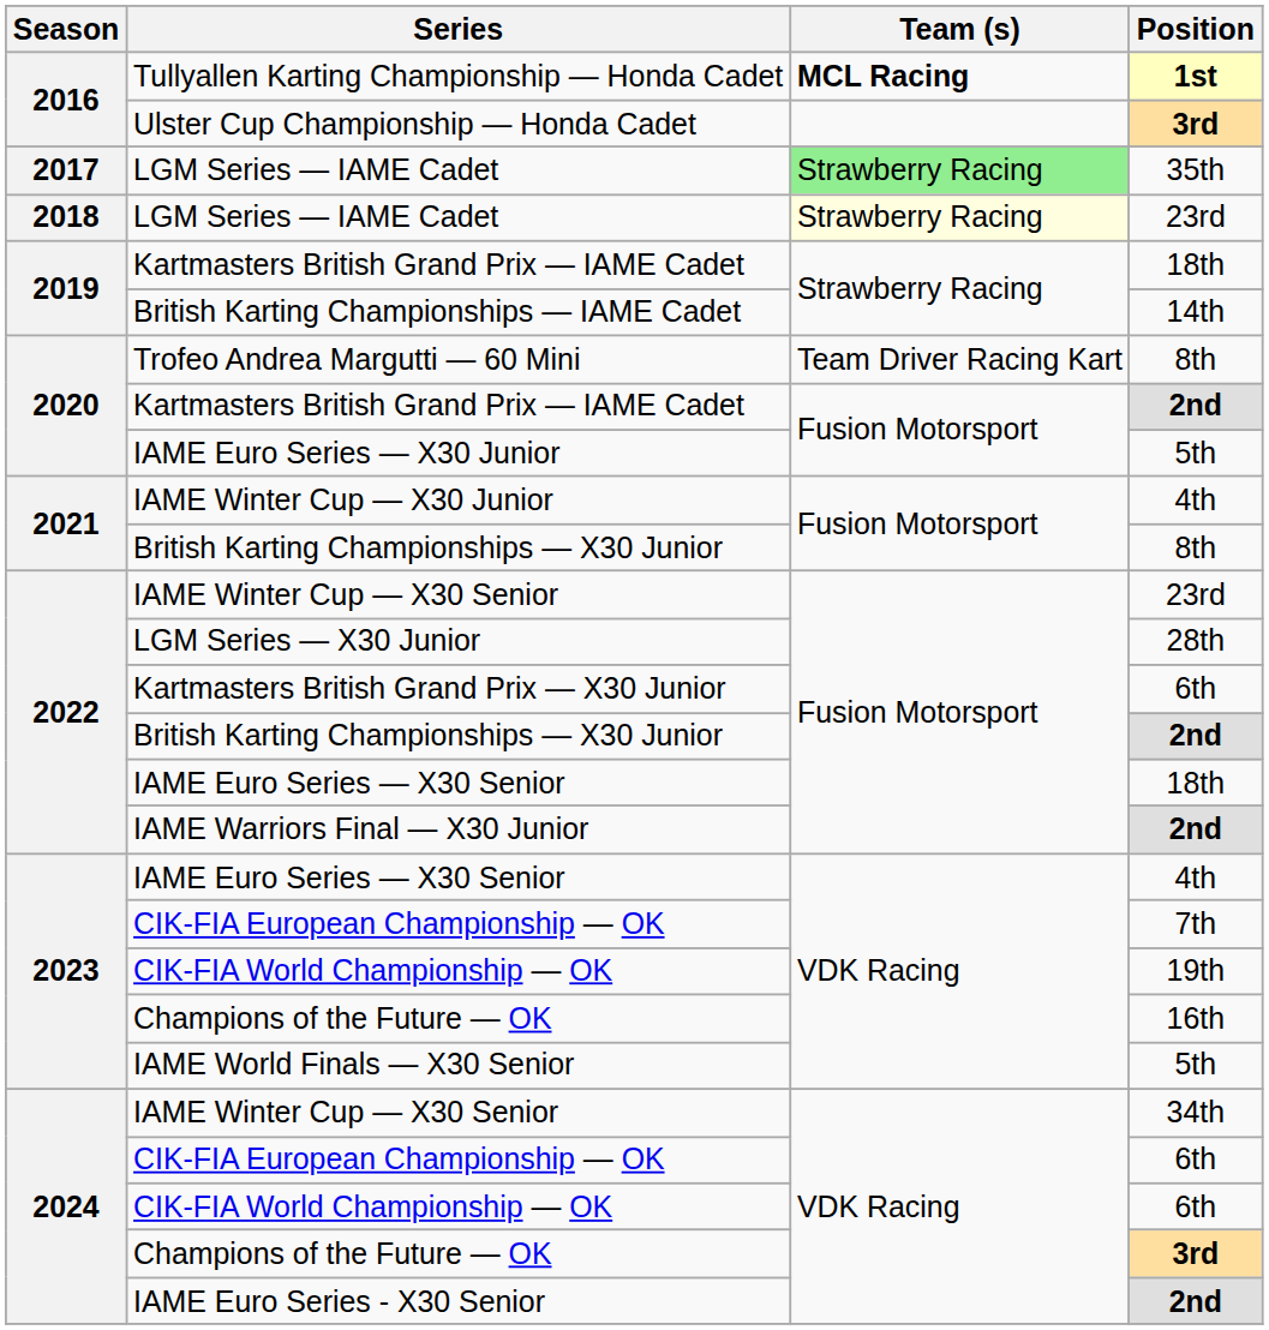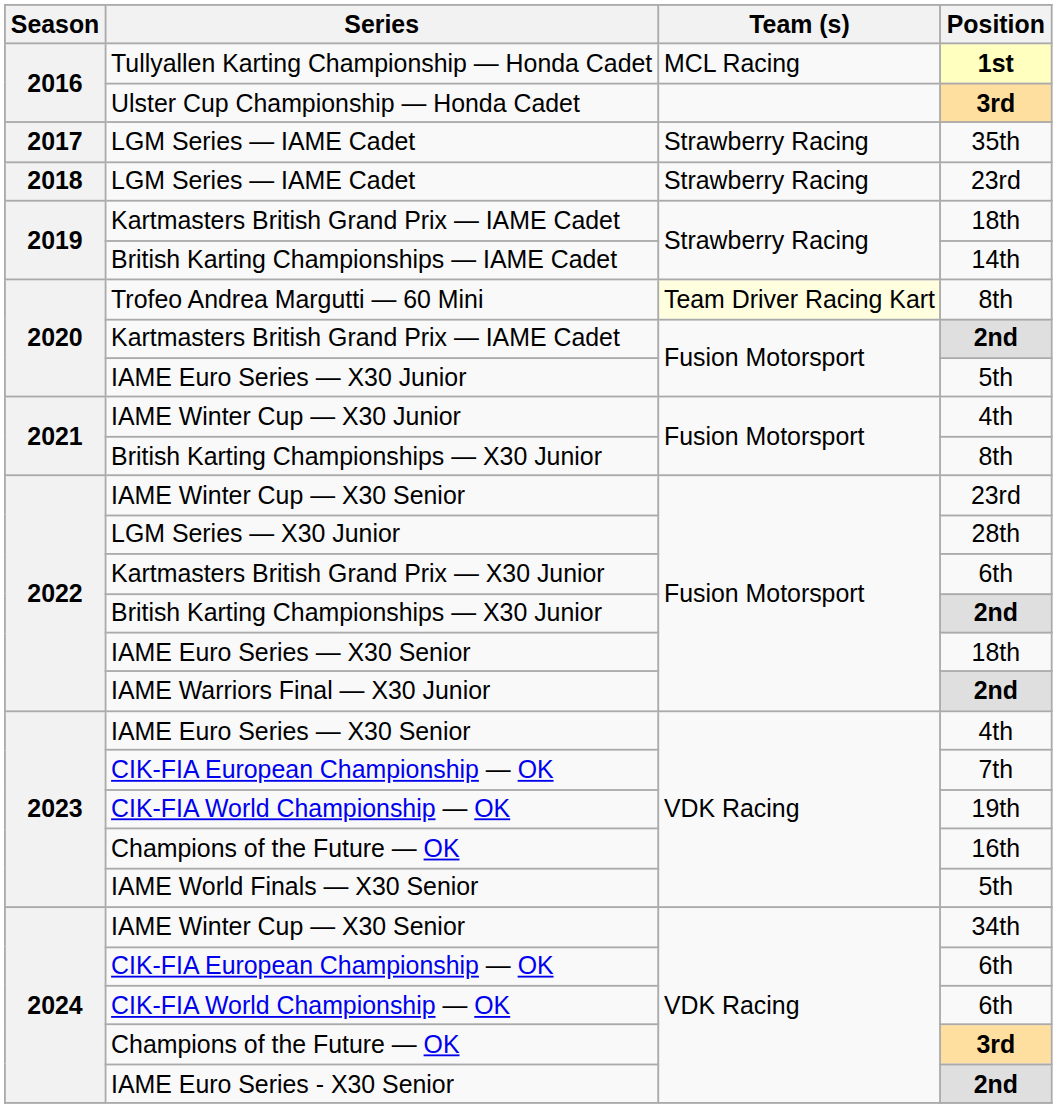 <table class="wikitable" style="font-size: 85%; text-align:center">
 <tr>
 <th>Season</th>
 <th>Series</th>
 <th>Team (s)</th>
 <th>Position</th>
 </tr>
 <tr>
 <th rowspan="2">2016</th>
 <td align="left">Tullyallen Karting Championship — Honda Cadet</td>
-<td align="left"><strong>MCL Racing</strong></td>
+<td align="left">MCL Racing</td>
 <td style="background:#FFFFBF;"><strong>1st</strong></td>
 </tr>
 <tr>
 <td align="left">Ulster Cup Championship — Honda Cadet</td>
 <td></td>
 <td style="background:#FFDF9F;"><strong>3rd</strong></td>
 </tr>
 <tr>
 <th>2017</th>
 <td align="left">LGM Series — IAME Cadet</td>
-<td align="left" style="background: lightgreen;">Strawberry Racing</td>
+<td align="left">Strawberry Racing</td>
 <td>35th</td>
 </tr>
 <tr>
 <th>2018</th>
 <td align="left">LGM Series — IAME Cadet</td>
-<td align="left" style="background: lightyellow;">Strawberry Racing</td>
+<td align="left">Strawberry Racing</td>
 <td>23rd</td>
 </tr>
 <tr>
 <th rowspan="2">2019</th>
 <td align="left">Kartmasters British Grand Prix — IAME Cadet</td>
 <td align="left" rowspan="2">Strawberry Racing</td>
 <td>18th</td>
 </tr>
 <tr>
 <td align="left">British Karting Championships — IAME Cadet</td>
 <td>14th</td>
 </tr>
 <tr>
 <th rowspan="3">2020</th>
 <td align="left">Trofeo Andrea Margutti — 60 Mini</td>
-<td align="left">Team Driver Racing Kart</td>
+<td align="left" style="background: lightyellow;">Team Driver Racing Kart</td>
 <td>8th</td>
 </tr>
 <tr>
 <td align="left">Kartmasters British Grand Prix — IAME Cadet</td>
 <td align="left" rowspan="2">Fusion Motorsport</td>
 <td style="background:#DFDFDF;"><strong>2nd</strong></td>
 </tr>
 <tr>
 <td align="left">IAME Euro Series — X30 Junior</td>
 <td>5th</td>
 </tr>
 <tr>
 <th rowspan="2">2021</th>
 <td align="left">IAME Winter Cup — X30 Junior</td>
 <td align="left" rowspan="2">Fusion Motorsport</td>
 <td>4th</td>
 </tr>
 <tr>
 <td align="left">British Karting Championships — X30 Junior</td>
 <td>8th</td>
 </tr>
 <tr>
 <th rowspan="6">2022</th>
 <td align="left">IAME Winter Cup — X30 Senior</td>
 <td align="left" rowspan="6">Fusion Motorsport</td>
 <td>23rd</td>
 </tr>
 <tr>
 <td align="left">LGM Series — X30 Junior</td>
 <td>28th</td>
 </tr>
 <tr>
 <td align="left">Kartmasters British Grand Prix — X30 Junior</td>
 <td>6th</td>
 </tr>
 <tr>
 <td align="left">British Karting Championships — X30 Junior</td>
 <td style="background:#DFDFDF;"><strong>2nd</strong></td>
 </tr>
 <tr>
 <td align="left">IAME Euro Series — X30 Senior</td>
 <td>18th</td>
 </tr>
 <tr>
 <td align="left">IAME Warriors Final — X30 Junior</td>
 <td style="background:#DFDFDF;"><strong>2nd</strong></td>
 </tr>
 <tr>
 <th rowspan="5">2023</th>
 <td align="left">IAME Euro Series — X30 Senior</td>
 <td align="left" rowspan="5">VDK Racing</td>
 <td>4th</td>
 </tr>
 <tr>
 <td align="left"><a href='#'>CIK-FIA European Championship</a> — <a href='#'>OK</a></td>
 <td>7th</td>
 </tr>
 <tr>
 <td align="left"><a href='#'>CIK-FIA World Championship</a> — <a href='#'>OK</a></td>
 <td>19th</td>
 </tr>
 <tr>
 <td align="left">Champions of the Future — <a href='#'>OK</a></td>
 <td>16th</td>
 </tr>
 <tr>
 <td align="left">IAME World Finals — X30 Senior</td>
 <td>5th</td>
 </tr>
 <tr>
 <th rowspan="5">2024</th>
 <td align="left">IAME Winter Cup — X30 Senior</td>
 <td align="left" rowspan="5">VDK Racing</td>
 <td>34th</td>
 </tr>
 <tr>
 <td align="left"><a href='#'>CIK-FIA European Championship</a> — <a href='#'>OK</a></td>
 <td>6th</td>
 </tr>
 <tr>
 <td align="left"><a href='#'>CIK-FIA World Championship</a> — <a href='#'>OK</a></td>
 <td>6th</td>
 </tr>
 <tr>
 <td align="left">Champions of the Future — <a href='#'>OK</a></td>
 <td style="background:#FFDF9F;"><strong>3rd</strong></td>
 </tr>
 <tr>
 <td align="left">IAME Euro Series - X30 Senior</td>
 <td style="background:#DFDFDF;"><strong>2nd</strong></td>
 </tr>
 </table>
